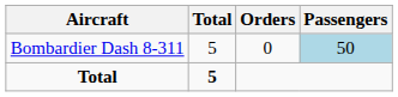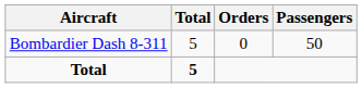 <table class="wikitable" style="text-align: center; margin:0.5em auto">
 <tr>
 <th>Aircraft</th>
 <th>Total</th>
 <th>Orders</th>
 <th>Passengers</th>
 </tr>
 <tr>
 <td><a href='#'>Bombardier Dash 8-311</a></td>
 <td align="center">5</td>
 <td align="center">0</td>
-<td align="center" style="background: lightblue;">50</td>
+<td align="center">50</td>
 </tr>
 <tr>
 <td align="center"><strong>Total</strong></td>
 <td align="center"><strong>5</strong></td>
 <td colspan=2></td>
 </tr>
 </table>
